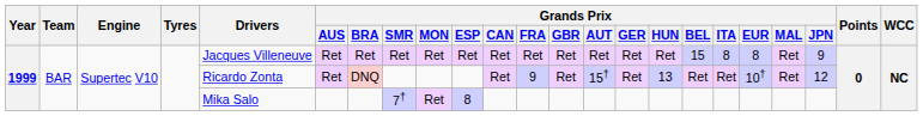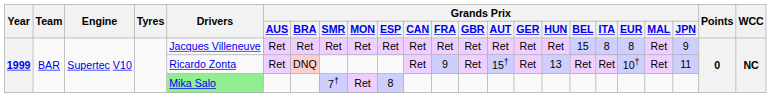 <table class="wikitable" style="text-align:center; font-size:95%">
 <tr>
 <th rowspan="2">Year</th>
 <th rowspan="2">Team</th>
 <th rowspan="2">Engine</th>
 <th rowspan="2">Tyres</th>
 <th rowspan="2">Drivers</th>
 <th colspan="16">Grands Prix</th>
 <th rowspan="2">Points</th>
 <th rowspan="2">WCC</th>
 </tr>
 <tr>
 <th><a href='#'>AUS</a></th>
 <th><a href='#'>BRA</a></th>
 <th><a href='#'>SMR</a></th>
 <th><a href='#'>MON</a></th>
 <th><a href='#'>ESP</a></th>
 <th><a href='#'>CAN</a></th>
 <th><a href='#'>FRA</a></th>
 <th><a href='#'>GBR</a></th>
 <th><a href='#'>AUT</a></th>
 <th><a href='#'>GER</a></th>
 <th><a href='#'>HUN</a></th>
 <th><a href='#'>BEL</a></th>
 <th><a href='#'>ITA</a></th>
 <th><a href='#'>EUR</a></th>
 <th><a href='#'>MAL</a></th>
 <th><a href='#'>JPN</a></th>
 </tr>
 <tr>
 <th rowspan="3"><a href='#'>1999</a></th>
 <td rowspan="3"><a href='#'>BAR</a></td>
 <td rowspan="3"><a href='#'>Supertec</a> <a href='#'>V10</a></td>
 <td rowspan="3"></td>
 <td align="left"> <a href='#'>Jacques Villeneuve</a></td>
 <td style="background:#EFCFFF;">Ret</td>
 <td style="background:#EFCFFF;">Ret</td>
 <td style="background:#EFCFFF;">Ret</td>
 <td style="background:#EFCFFF;">Ret</td>
 <td style="background:#EFCFFF;">Ret</td>
 <td style="background:#EFCFFF;">Ret</td>
 <td style="background:#EFCFFF;">Ret</td>
 <td style="background:#EFCFFF;">Ret</td>
 <td style="background:#EFCFFF;">Ret</td>
 <td style="background:#EFCFFF;">Ret</td>
 <td style="background:#EFCFFF;">Ret</td>
 <td style="background:#CFCFFF;">15</td>
 <td style="background:#CFCFFF;">8</td>
 <td style="background:#CFCFFF;">8</td>
 <td style="background:#EFCFFF;">Ret</td>
 <td style="background:#CFCFFF;">9</td>
 <th rowspan="3">0</th>
 <th rowspan="3">NC</th>
 </tr>
 <tr>
 <td align="left"> <a href='#'>Ricardo Zonta</a></td>
 <td style="background:#EFCFFF;">Ret</td>
 <td style="background:#FFCFCF;">DNQ</td>
 <td></td>
 <td></td>
 <td></td>
 <td style="background:#EFCFFF;">Ret</td>
 <td style="background:#CFCFFF;">9</td>
 <td style="background:#EFCFFF;">Ret</td>
 <td style="background:#CFCFFF;">15<sup>†</sup></td>
 <td style="background:#EFCFFF;">Ret</td>
 <td style="background:#CFCFFF;">13</td>
 <td style="background:#EFCFFF;">Ret</td>
 <td style="background:#EFCFFF;">Ret</td>
 <td style="background:#CFCFFF;">10<sup>†</sup></td>
 <td style="background:#EFCFFF;">Ret</td>
-<td style="background:#CFCFFF;">12</td>
+<td style="background:#CFCFFF;">11</td>
 </tr>
 <tr>
-<td align="left"> <a href='#'>Mika Salo</a></td>
+<td align="left" style="background: lightgreen;"> <a href='#'>Mika Salo</a></td>
 <td></td>
 <td></td>
 <td style="background:#CFCFFF;">7<sup>†</sup></td>
 <td style="background:#EFCFFF;">Ret</td>
 <td style="background:#CFCFFF;">8</td>
 <td></td>
 <td></td>
 <td></td>
 <td></td>
 <td></td>
 <td></td>
 <td></td>
 <td></td>
 <td></td>
 <td></td>
 <td></td>
 </tr>
 </table>
